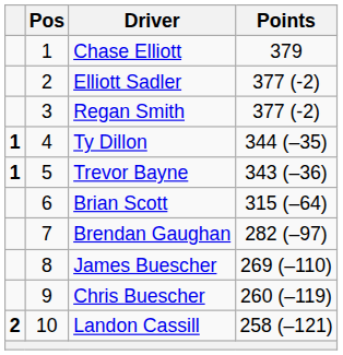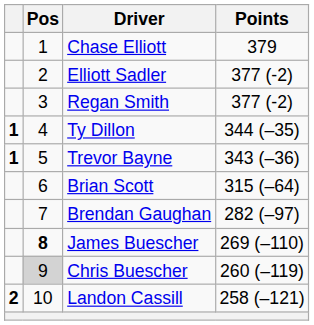 <table class="wikitable" style="font-size: 95%;">
 <tr>
 <th></th>
 <th>Pos</th>
 <th>Driver</th>
 <th>Points</th>
 </tr>
 <tr>
 <td align="left"></td>
 <td style="text-align:center;">1</td>
 <td><a href='#'>Chase Elliott</a></td>
 <td style="text-align:center;">379</td>
 </tr>
 <tr>
 <td align="left"></td>
 <td style="text-align:center;">2</td>
 <td><a href='#'>Elliott Sadler</a></td>
 <td style="text-align:center;">377 (-2)</td>
 </tr>
 <tr>
 <td align="left"></td>
 <td style="text-align:center;">3</td>
 <td><a href='#'>Regan Smith</a></td>
 <td style="text-align:center;">377 (-2)</td>
 </tr>
 <tr>
 <td align="left"> <strong>1</strong></td>
 <td style="text-align:center;">4</td>
 <td><a href='#'>Ty Dillon</a></td>
 <td style="text-align:center;">344 (–35)</td>
 </tr>
 <tr>
 <td align="left"> <strong>1</strong></td>
 <td style="text-align:center;">5</td>
 <td><a href='#'>Trevor Bayne</a></td>
 <td style="text-align:center;">343 (–36)</td>
 </tr>
 <tr>
 <td align="left"></td>
 <td style="text-align:center;">6</td>
 <td><a href='#'>Brian Scott</a></td>
 <td style="text-align:center;">315 (–64)</td>
 </tr>
 <tr>
 <td align="left"></td>
 <td style="text-align:center;">7</td>
 <td><a href='#'>Brendan Gaughan</a></td>
 <td style="text-align:center;">282 (–97)</td>
 </tr>
 <tr>
 <td align="left"></td>
-<td style="text-align:center;">8</td>
+<td style="text-align:center;"><strong>8</strong></td>
 <td><a href='#'>James Buescher</a></td>
 <td style="text-align:center;">269 (–110)</td>
 </tr>
 <tr>
 <td align="left"></td>
-<td style="text-align:center;">9</td>
+<td style="background: lightgrey; text-align:center;">9</td>
 <td><a href='#'>Chris Buescher</a></td>
 <td style="text-align:center;">260 (–119)</td>
 </tr>
 <tr>
 <td align="left"> <strong>2</strong></td>
 <td style="text-align:center;">10</td>
 <td><a href='#'>Landon Cassill</a></td>
 <td style="text-align:center;">258 (–121)</td>
 </tr>
 <tr class="sortbottom">
 <th colspan="9"></th>
 </tr>
 </table>
